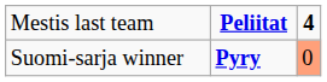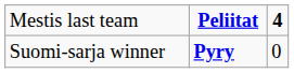 <table class="wikitable" style="width:230px">
 <tr>
 <td align=left>Mestis last team</td>
 <td align=center><strong><a href='#'>Peliitat</a></strong></td>
 <td align=center><strong>4</strong></td>
 </tr>
 <tr>
 <td align=left>Suomi-sarja winner</td>
 <td><strong><a href='#'>Pyry</a></strong></td>
-<td style="background: lightsalmon;">0</td>
+<td>0</td>
 </tr>
 </table>
